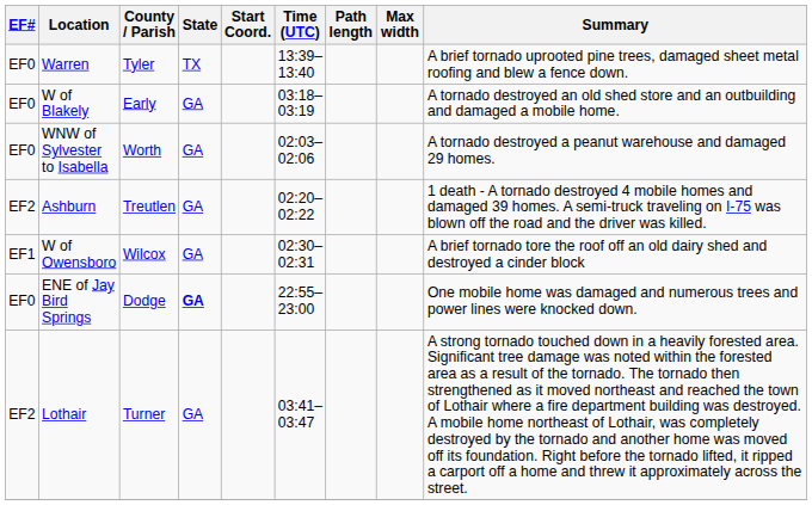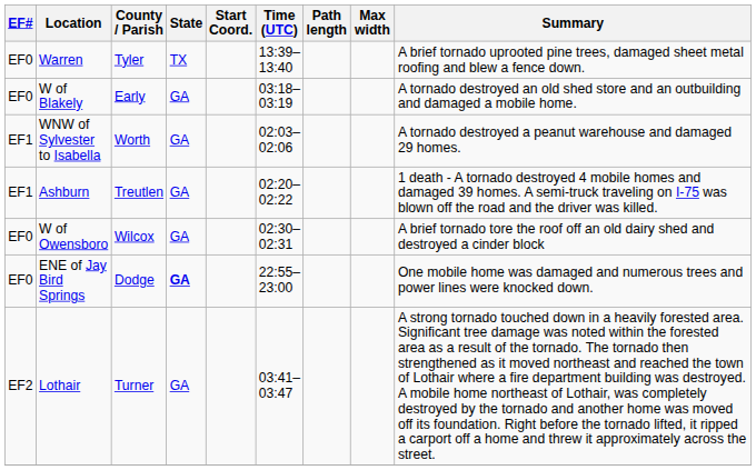 <table class="wikitable sortable" style="width:100%;">
 <tr>
 <th scope="col"  style="width:3%; text-align:center;"><a href='#'>EF#</a></th>
 <th scope="col"  style="width:7%; text-align:center;" class="unsortable">Location</th>
 <th scope="col"  style="width:6%; text-align:center;" class="unsortable">County / Parish</th>
 <th scope="col"  style="width:5%; text-align:center;">State</th>
 <th scope="col"  style="width:6%; text-align:center;">Start Coord.</th>
 <th scope="col"  style="width:6%; text-align:center;">Time (<a href='#'>UTC</a>)</th>
 <th scope="col"  style="width:6%; text-align:center;">Path length</th>
 <th scope="col"  style="width:6%; text-align:center;">Max width</th>
 <th scope="col" class="unsortable" style="width:48%; text-align:center;">Summary</th>
 </tr>
 <tr>
 <td>EF0</td>
 <td><a href='#'>Warren</a></td>
 <td><a href='#'>Tyler</a></td>
 <td><a href='#'>TX</a></td>
 <td></td>
 <td>13:39–13:40</td>
 <td></td>
 <td></td>
 <td>A brief tornado uprooted pine trees, damaged sheet metal roofing and blew a fence down.</td>
 </tr>
 <tr>
 <td>EF0</td>
 <td>W of <a href='#'>Blakely</a></td>
 <td><a href='#'>Early</a></td>
 <td><a href='#'>GA</a></td>
 <td></td>
 <td>03:18–03:19</td>
 <td></td>
 <td></td>
 <td>A tornado destroyed an old shed store and an outbuilding and damaged a mobile home.</td>
 </tr>
 <tr>
-<td>EF0</td>
+<td>EF1</td>
 <td>WNW of <a href='#'>Sylvester</a> to <a href='#'>Isabella</a></td>
 <td><a href='#'>Worth</a></td>
 <td><a href='#'>GA</a></td>
 <td></td>
 <td>02:03–02:06</td>
 <td></td>
 <td></td>
 <td>A tornado destroyed a peanut warehouse and damaged 29 homes.</td>
 </tr>
 <tr>
-<td>EF2</td>
+<td>EF1</td>
 <td><a href='#'>Ashburn</a></td>
 <td><a href='#'>Treutlen</a></td>
 <td><a href='#'>GA</a></td>
 <td></td>
 <td>02:20–02:22</td>
 <td></td>
 <td></td>
 <td>1 death - A tornado destroyed 4 mobile homes and damaged 39 homes. A semi-truck traveling on <a href='#'>I-75</a> was blown off the road and the driver was killed.</td>
 </tr>
 <tr>
-<td>EF1</td>
+<td>EF0</td>
 <td>W of <a href='#'>Owensboro</a></td>
 <td><a href='#'>Wilcox</a></td>
 <td><a href='#'>GA</a></td>
 <td></td>
 <td>02:30–02:31</td>
 <td></td>
 <td></td>
 <td>A brief tornado tore the roof off an old dairy shed and destroyed a cinder block</td>
 </tr>
 <tr>
 <td>EF0</td>
 <td>ENE of <a href='#'>Jay Bird Springs</a></td>
 <td><a href='#'>Dodge</a></td>
 <td><strong><a href='#'>GA</a></strong></td>
 <td></td>
 <td>22:55–23:00</td>
 <td></td>
 <td></td>
 <td>One mobile home was damaged and numerous trees and power lines were knocked down.</td>
 </tr>
 <tr>
 <td>EF2</td>
 <td><a href='#'>Lothair</a></td>
 <td><a href='#'>Turner</a></td>
 <td><a href='#'>GA</a></td>
 <td></td>
 <td>03:41–03:47</td>
 <td></td>
 <td></td>
 <td>A strong tornado touched down in a heavily forested area. Significant tree damage was noted within the forested area as a result of the tornado. The tornado then strengthened as it moved northeast and reached the town of Lothair where a fire department building was destroyed. A mobile home northeast of Lothair, was completely destroyed by the tornado and another home was moved off its foundation. Right before the tornado lifted, it ripped a carport off a home and threw it approximately  across the street.</td>
 </tr>
 <tr>
 </tr>
 </table>
